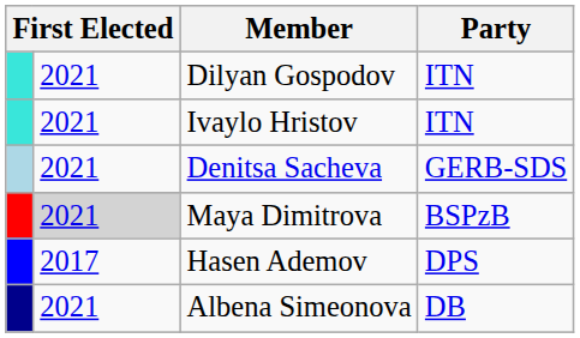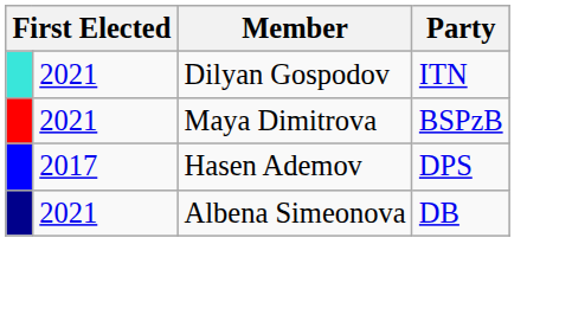 <table class="wikitable">
 <tr>
 <th colspan="2">First Elected</th>
 <th>Member</th>
 <th>Party</th>
 </tr>
 <tr>
 <td style="background-color: #39e6da"></td>
 <td><a href='#'>2021</a></td>
 <td>Dilyan Gospodov</td>
 <td><a href='#'>ITN</a></td>
 </tr>
 <tr>
-<td style="background-color: #39e6da"></td>
+<td style="background-color: red"></td>
 <td><a href='#'>2021</a></td>
-<td>Ivaylo Hristov</td>
-<td><a href='#'>ITN</a></td>
-</tr>
-<tr>
-<td style="background-color: lightblue"></td>
-<td><a href='#'>2021</a></td>
-<td><a href='#'>Denitsa Sacheva</a></td>
-<td><a href='#'>GERB-SDS</a></td>
-</tr>
-<tr>
-<td style="background-color: red"></td>
-<td style="background: lightgrey;"><a href='#'>2021</a></td>
 <td>Maya Dimitrova</td>
 <td><a href='#'>BSPzB</a></td>
 </tr>
 <tr>
 <td style="background-color: blue"></td>
 <td><a href='#'>2017</a></td>
 <td>Hasen Ademov</td>
 <td><a href='#'>DPS</a></td>
 </tr>
 <tr>
 <td style="background-color: darkblue"></td>
 <td><a href='#'>2021</a></td>
 <td>Albena Simeonova</td>
 <td><a href='#'>DB</a></td>
 </tr>
 </table>
